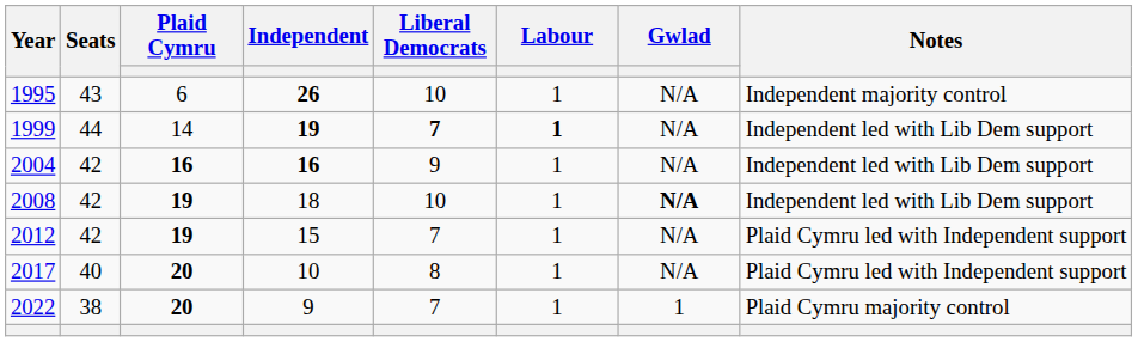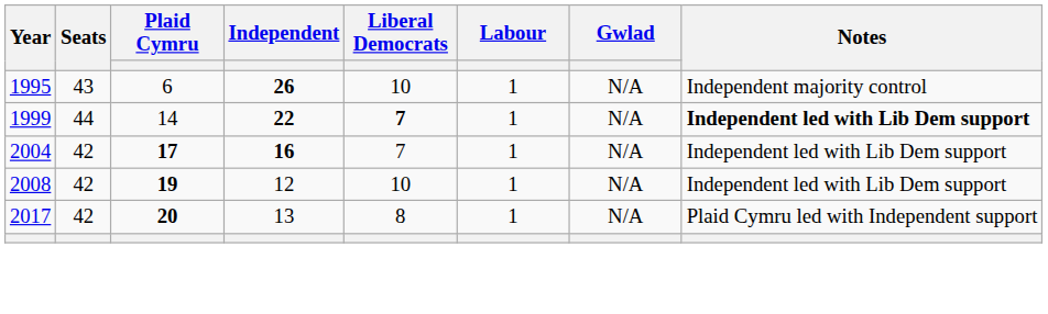 <table class="wikitable" style=text-align:center>
 <tr>
 <th rowspan=2>Year</th>
 <th rowspan=2>Seats</th>
 <th width="80"><a href='#'>Plaid Cymru</a></th>
 <th width="80"><a href='#'>Independent</a></th>
 <th width="80"><a href='#'>Liberal Democrats</a></th>
 <th width="80"><a href='#'>Labour</a></th>
 <th width="80"><a href='#'>Gwlad</a></th>
 <th rowspan=2>Notes</th>
 </tr>
 <tr>
 <th style="background-color: "></th>
 <th style="background-color: "></th>
 <th style="background-color: "></th>
 <th style="background-color: "></th>
 <th style="background-color: "></th>
 </tr>
 <tr>
 <td><a href='#'>1995</a></td>
 <td>43</td>
 <td>6</td>
 <td><strong>26</strong></td>
 <td>10</td>
 <td>1</td>
 <td>N/A</td>
 <td align=left>Independent majority control</td>
 </tr>
 <tr>
 <td><a href='#'>1999</a></td>
 <td>44</td>
 <td>14</td>
-<td><strong>19</strong></td>
+<td><strong>22</strong></td>
 <td><strong>7</strong></td>
-<td><strong>1</strong></td>
+<td>1</td>
 <td>N/A</td>
-<td align=left>Independent led with Lib Dem support</td>
+<td align=left><strong>Independent led with Lib Dem support</strong></td>
 </tr>
 <tr>
 <td><a href='#'>2004</a></td>
 <td>42</td>
+<td><strong>17</strong></td>
 <td><strong>16</strong></td>
-<td><strong>16</strong></td>
-<td>9</td>
+<td>7</td>
 <td>1</td>
 <td>N/A</td>
 <td align=left>Independent led with Lib Dem support</td>
 </tr>
 <tr>
 <td><a href='#'>2008</a></td>
 <td>42</td>
 <td><strong>19</strong></td>
-<td>18</td>
+<td>12</td>
 <td>10</td>
 <td>1</td>
-<td><strong>N/A</strong></td>
+<td>N/A</td>
 <td align=left>Independent led with Lib Dem support</td>
 </tr>
 <tr>
-<td><a href='#'>2012</a></td>
+<td><a href='#'>2017</a></td>
 <td>42</td>
-<td><strong>19</strong></td>
-<td>15</td>
-<td>7</td>
-<td>1</td>
-<td>N/A</td>
-<td align=left>Plaid Cymru led with Independent support</td>
-</tr>
-<tr>
-<td><a href='#'>2017</a></td>
-<td>40</td>
 <td><strong>20</strong></td>
-<td>10</td>
+<td>13</td>
 <td>8</td>
 <td>1</td>
 <td>N/A</td>
 <td align=left>Plaid Cymru led with Independent support</td>
-</tr>
-<tr>
-<td><a href='#'>2022</a></td>
-<td>38</td>
-<td><strong>20</strong></td>
-<td>9</td>
-<td>7</td>
-<td>1</td>
-<td>1</td>
-<td align=left>Plaid Cymru majority control</td>
 </tr>
 <tr>
 <th></th>
 <th></th>
 <th style="background-color: "></th>
 <th style="background-color: "></th>
 <th style="background-color: "></th>
 <th style="background-color: "></th>
 <th style="background-color: "></th>
 <th></th>
 </tr>
 </table>
